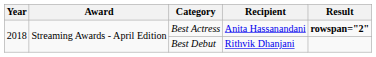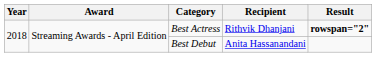 <table class="wikitable">
 <tr>
 <th>Year</th>
 <th>Award</th>
 <th>Category</th>
 <th>Recipient</th>
 <th>Result</th>
 </tr>
 <tr>
 <td rowspan="2">2018</td>
 <td rowspan="2">Streaming Awards - April Edition</td>
 <td><em>Best Actress</em></td>
-<td><a href='#'>Anita Hassanandani</a></td>
+<td><a href='#'>Rithvik Dhanjani</a></td>
 <td><strong>rowspan="2" </strong></td>
 </tr>
 <tr>
 <td><em>Best Debut</em></td>
-<td><a href='#'>Rithvik Dhanjani</a></td>
+<td><a href='#'>Anita Hassanandani</a></td>
 </tr>
 </table>
